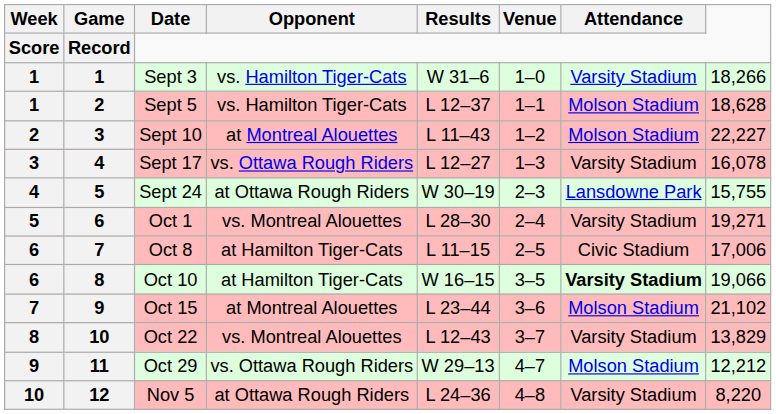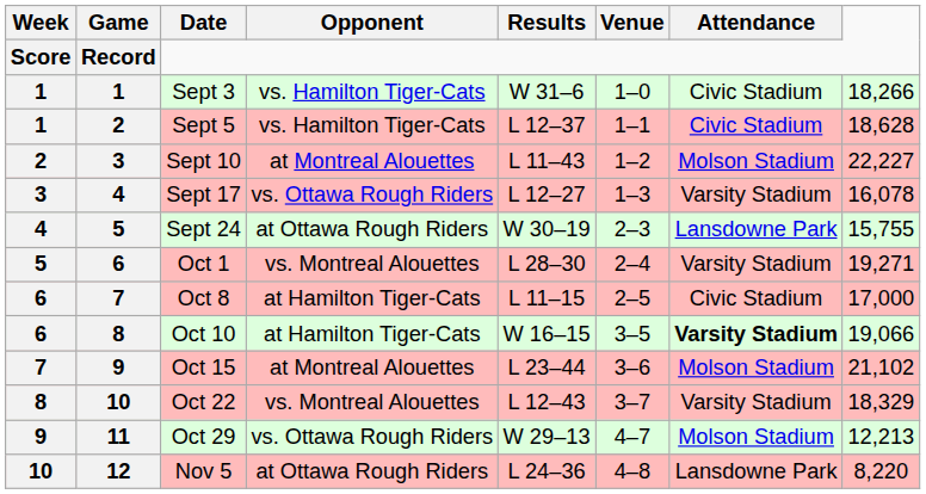 <table class="wikitable" style="text-align:center">
 <tr>
 <th>Week</th>
 <th>Game</th>
 <th>Date</th>
 <th>Opponent</th>
 <th>Results</th>
 <th>Venue</th>
 <th>Attendance</th>
 </tr>
 <tr>
 <th>Score</th>
 <th>Record</th>
 </tr>
 <tr style="background:#ddffdd">
 <th>1</th>
 <th>1</th>
 <td>Sept 3</td>
 <td>vs. <a href='#'>Hamilton Tiger-Cats</a></td>
 <td>W 31–6</td>
 <td>1–0</td>
-<td><a href='#'>Varsity Stadium</a></td>
+<td>Civic Stadium</td>
 <td>18,266</td>
 </tr>
 <tr style="background:#ffbbbb">
 <th>1</th>
 <th>2</th>
 <td>Sept 5</td>
 <td>vs. Hamilton Tiger-Cats</td>
 <td>L 12–37</td>
 <td>1–1</td>
-<td><a href='#'>Molson Stadium</a></td>
+<td><a href='#'>Civic Stadium</a></td>
 <td>18,628</td>
 </tr>
 <tr style="background:#ffbbbb">
 <th>2</th>
 <th>3</th>
 <td>Sept 10</td>
 <td>at <a href='#'>Montreal Alouettes</a></td>
 <td>L 11–43</td>
 <td>1–2</td>
 <td><a href='#'>Molson Stadium</a></td>
 <td>22,227</td>
 </tr>
 <tr style="background:#ffbbbb">
 <th>3</th>
 <th>4</th>
 <td>Sept 17</td>
 <td>vs. <a href='#'>Ottawa Rough Riders</a></td>
 <td>L 12–27</td>
 <td>1–3</td>
 <td>Varsity Stadium</td>
 <td>16,078</td>
 </tr>
 <tr style="background:#ddffdd">
 <th>4</th>
 <th>5</th>
 <td>Sept 24</td>
 <td>at Ottawa Rough Riders</td>
 <td>W 30–19</td>
 <td>2–3</td>
 <td><a href='#'>Lansdowne Park</a></td>
 <td>15,755</td>
 </tr>
 <tr style="background:#ffbbbb">
 <th>5</th>
 <th>6</th>
 <td>Oct 1</td>
 <td>vs. Montreal Alouettes</td>
 <td>L 28–30</td>
 <td>2–4</td>
 <td>Varsity Stadium</td>
 <td>19,271</td>
 </tr>
 <tr style="background:#ffbbbb">
 <th>6</th>
 <th>7</th>
 <td>Oct 8</td>
 <td>at Hamilton Tiger-Cats</td>
 <td>L 11–15</td>
 <td>2–5</td>
 <td>Civic Stadium</td>
-<td>17,006</td>
+<td>17,000</td>
 </tr>
 <tr style="background:#ddffdd">
 <th>6</th>
 <th>8</th>
 <td>Oct 10</td>
 <td>at Hamilton Tiger-Cats</td>
 <td>W 16–15</td>
 <td>3–5</td>
 <td><strong>Varsity Stadium</strong></td>
 <td>19,066</td>
 </tr>
 <tr style="background:#ffbbbb">
 <th>7</th>
 <th>9</th>
 <td>Oct 15</td>
 <td>at Montreal Alouettes</td>
 <td>L 23–44</td>
 <td>3–6</td>
 <td><a href='#'>Molson Stadium</a></td>
 <td>21,102</td>
 </tr>
 <tr style="background:#ffbbbb">
 <th>8</th>
 <th>10</th>
 <td>Oct 22</td>
 <td>vs. Montreal Alouettes</td>
 <td>L 12–43</td>
 <td>3–7</td>
 <td>Varsity Stadium</td>
-<td>13,829</td>
+<td>18,329</td>
 </tr>
 <tr style="background:#ddffdd">
 <th>9</th>
 <th>11</th>
 <td>Oct 29</td>
 <td>vs. Ottawa Rough Riders</td>
 <td>W 29–13</td>
 <td>4–7</td>
 <td><a href='#'>Molson Stadium</a></td>
-<td>12,212</td>
+<td>12,213</td>
 </tr>
 <tr style="background:#ffbbbb">
 <th>10</th>
 <th>12</th>
 <td>Nov 5</td>
 <td>at Ottawa Rough Riders</td>
 <td>L 24–36</td>
 <td>4–8</td>
-<td>Varsity Stadium</td>
+<td>Lansdowne Park</td>
 <td>8,220</td>
 </tr>
 </table>
